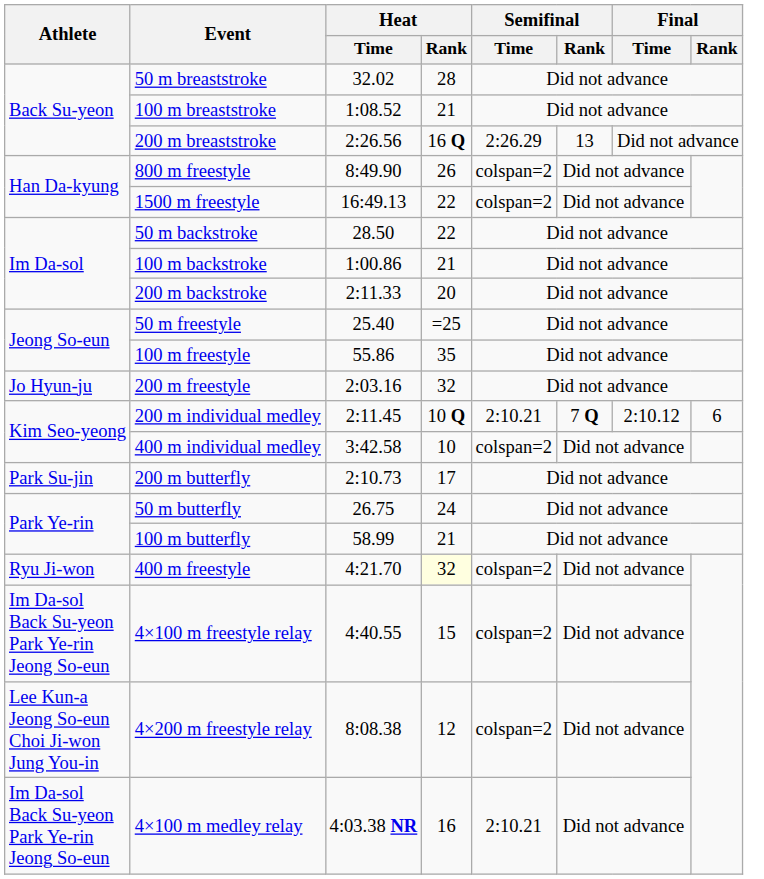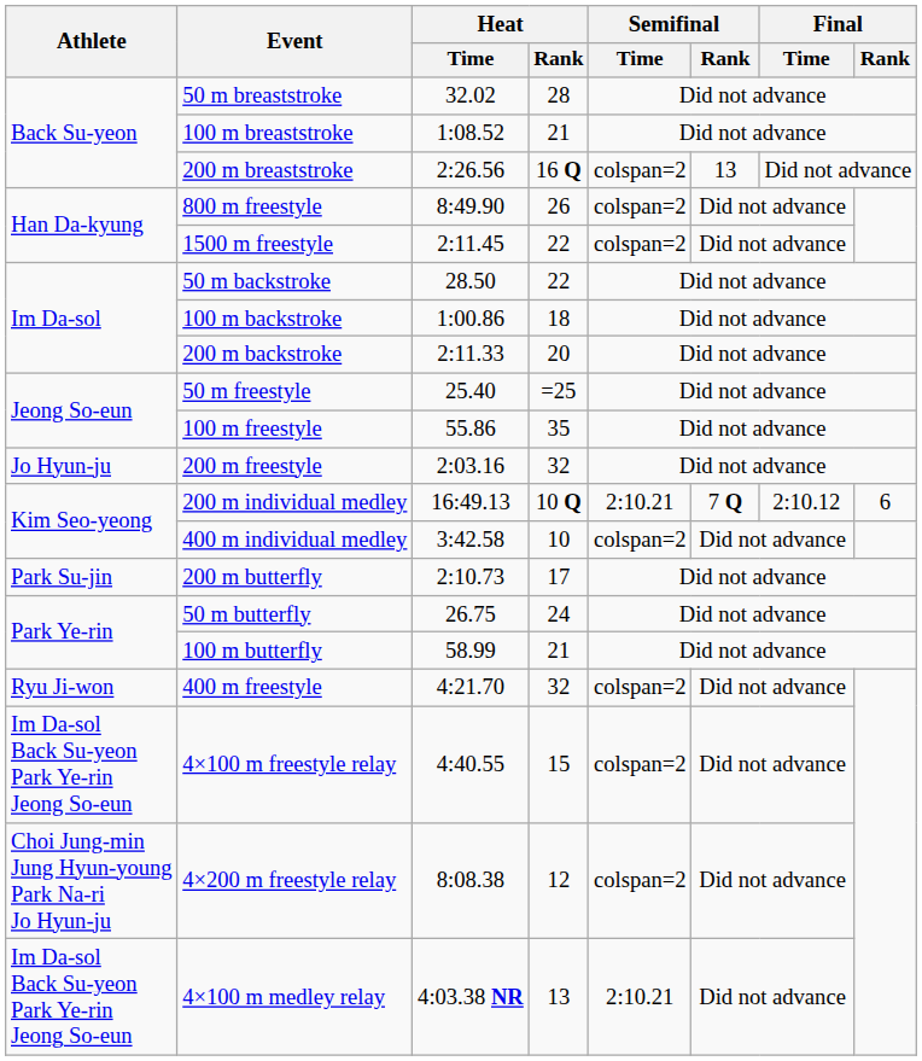 <table class="wikitable" style="text-align:center; font-size:90%">
 <tr>
 <th rowspan="2">Athlete</th>
 <th rowspan="2">Event</th>
 <th colspan="2">Heat</th>
 <th colspan="2">Semifinal</th>
 <th colspan="2">Final</th>
 </tr>
 <tr style="font-size:95%">
 <th>Time</th>
 <th>Rank</th>
 <th>Time</th>
 <th>Rank</th>
 <th>Time</th>
 <th>Rank</th>
 </tr>
 <tr>
 <td align=left rowspan=3><a href='#'>Back Su-yeon</a></td>
 <td align=left><a href='#'>50 m breaststroke</a></td>
 <td>32.02</td>
 <td>28</td>
 <td colspan=4>Did not advance</td>
 </tr>
 <tr>
 <td align=left><a href='#'>100 m breaststroke</a></td>
 <td>1:08.52</td>
 <td>21</td>
 <td colspan=4>Did not advance</td>
 </tr>
 <tr>
 <td align=left><a href='#'>200 m breaststroke</a></td>
 <td>2:26.56</td>
 <td>16 <strong>Q</strong></td>
-<td>2:26.29</td>
+<td>colspan=2 </td>
 <td>13</td>
 <td colspan=2>Did not advance</td>
 </tr>
 <tr>
 <td align=left rowspan=2><a href='#'>Han Da-kyung</a></td>
 <td align=left><a href='#'>800 m freestyle</a></td>
 <td>8:49.90</td>
 <td>26</td>
 <td>colspan=2 </td>
 <td colspan=2>Did not advance</td>
 </tr>
 <tr>
 <td align=left><a href='#'>1500 m freestyle</a></td>
-<td>16:49.13</td>
+<td>2:11.45</td>
 <td>22</td>
 <td>colspan=2 </td>
 <td colspan=2>Did not advance</td>
 </tr>
 <tr>
 <td align=left rowspan=3><a href='#'>Im Da-sol</a></td>
 <td align=left><a href='#'>50 m backstroke</a></td>
 <td>28.50</td>
 <td>22</td>
 <td colspan=4>Did not advance</td>
 </tr>
 <tr>
 <td align=left><a href='#'>100 m backstroke</a></td>
 <td>1:00.86</td>
-<td>21</td>
+<td>18</td>
 <td colspan=4>Did not advance</td>
 </tr>
 <tr>
 <td align=left><a href='#'>200 m backstroke</a></td>
 <td>2:11.33</td>
 <td>20</td>
 <td colspan=4>Did not advance</td>
 </tr>
 <tr>
 <td align=left rowspan=2><a href='#'>Jeong So-eun</a></td>
 <td align=left><a href='#'>50 m freestyle</a></td>
 <td>25.40</td>
 <td>=25</td>
 <td colspan=4>Did not advance</td>
 </tr>
 <tr>
 <td align=left><a href='#'>100 m freestyle</a></td>
 <td>55.86</td>
 <td>35</td>
 <td colspan=4>Did not advance</td>
 </tr>
 <tr>
 <td align=left><a href='#'>Jo Hyun-ju</a></td>
 <td align=left><a href='#'>200 m freestyle</a></td>
 <td>2:03.16</td>
 <td>32</td>
 <td colspan=4>Did not advance</td>
 </tr>
 <tr>
 <td align=left rowspan=2><a href='#'>Kim Seo-yeong</a></td>
 <td align=left><a href='#'>200 m individual medley</a></td>
-<td>2:11.45</td>
+<td>16:49.13</td>
 <td>10 <strong>Q</strong></td>
 <td>2:10.21</td>
 <td>7 <strong>Q</strong></td>
 <td>2:10.12</td>
 <td>6</td>
 </tr>
 <tr>
 <td align=left><a href='#'>400 m individual medley</a></td>
 <td>3:42.58</td>
 <td>10</td>
 <td>colspan=2 </td>
 <td colspan=2>Did not advance</td>
 </tr>
 <tr>
 <td align=left><a href='#'>Park Su-jin</a></td>
 <td align=left><a href='#'>200 m butterfly</a></td>
 <td>2:10.73</td>
 <td>17</td>
 <td colspan=4>Did not advance</td>
 </tr>
 <tr>
 <td align=left rowspan=2><a href='#'>Park Ye-rin</a></td>
 <td align=left><a href='#'>50 m butterfly</a></td>
 <td>26.75</td>
 <td>24</td>
 <td colspan=4>Did not advance</td>
 </tr>
 <tr>
 <td align=left><a href='#'>100 m butterfly</a></td>
 <td>58.99</td>
 <td>21</td>
 <td colspan=4>Did not advance</td>
 </tr>
 <tr>
 <td align=left><a href='#'>Ryu Ji-won</a></td>
 <td align=left><a href='#'>400 m freestyle</a></td>
 <td>4:21.70</td>
-<td style="background: lightyellow;">32</td>
+<td>32</td>
 <td>colspan=2 </td>
 <td colspan=2>Did not advance</td>
 </tr>
 <tr>
 <td align=left><a href='#'>Im Da-sol</a><br><a href='#'>Back Su-yeon</a><br><a href='#'>Park Ye-rin</a><br><a href='#'>Jeong So-eun</a></td>
 <td align=left><a href='#'>4×100 m freestyle relay</a></td>
 <td>4:40.55</td>
 <td>15</td>
 <td>colspan=2 </td>
 <td colspan=2>Did not advance</td>
 </tr>
 <tr>
-<td align=left><a href='#'>Lee Kun-a</a><br><a href='#'>Jeong So-eun</a><br><a href='#'>Choi Ji-won</a><br><a href='#'>Jung You-in</a></td>
+<td align=left><a href='#'>Choi Jung-min</a><br><a href='#'>Jung Hyun-young</a><br><a href='#'>Park Na-ri</a><br><a href='#'>Jo Hyun-ju</a></td>
 <td align=left><a href='#'>4×200 m freestyle relay</a></td>
 <td>8:08.38</td>
 <td>12</td>
 <td>colspan=2 </td>
 <td colspan=2>Did not advance</td>
 </tr>
 <tr>
 <td align=left><a href='#'>Im Da-sol</a><br><a href='#'>Back Su-yeon</a><br><a href='#'>Park Ye-rin</a><br><a href='#'>Jeong So-eun</a></td>
 <td align=left><a href='#'>4×100 m medley relay</a></td>
 <td>4:03.38 <strong><a href='#'>NR</a></strong></td>
-<td>16</td>
+<td>13</td>
 <td>2:10.21</td>
 <td colspan=2>Did not advance</td>
 </tr>
 </table>
